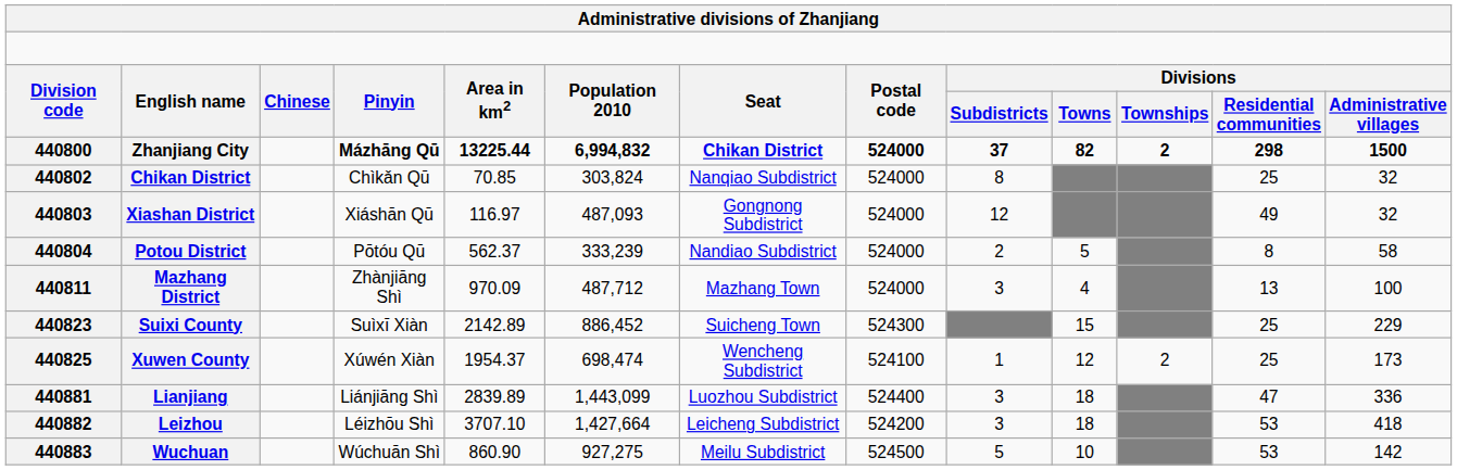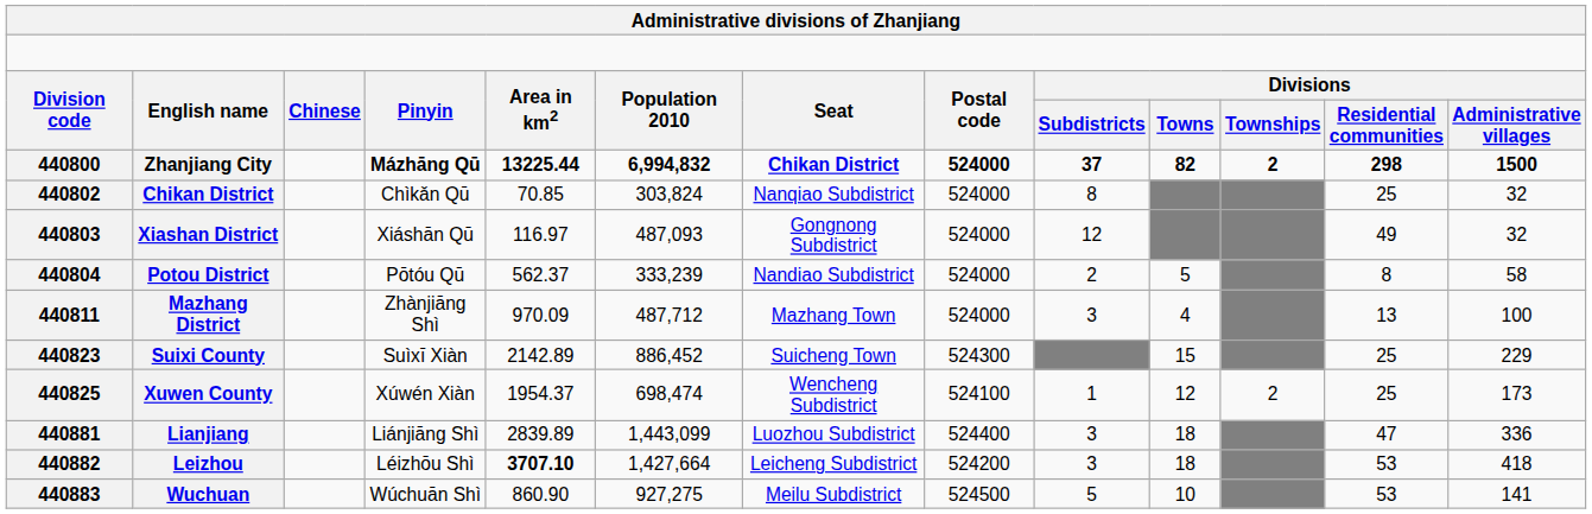 <table class="wikitable" style="margin:1em auto 1em auto; width:90%; font-size:smaller; text-align:center">
 <tr>
 <th colspan="13"><strong>Administrative divisions of Zhanjiang</strong></th>
 </tr>
 <tr>
 <td colspan="13" style="font-size:larger"><br>          </td>
 </tr>
 <tr>
 <th ! scope="col" rowspan=2><a href='#'>Division code</a></th>
 <th ! scope="col" rowspan=2>English name</th>
 <th ! scope="col" rowspan=2><a href='#'>Chinese</a></th>
 <th ! scope="col" rowspan=2><a href='#'>Pinyin</a></th>
 <th ! scope="col" rowspan=2>Area in km<sup>2</sup></th>
 <th ! scope="col" rowspan=2>Population 2010</th>
 <th ! scope="col" rowspan=2>Seat</th>
 <th ! scope="col" rowspan=2>Postal code</th>
 <th ! scope="col" colspan=6>Divisions</th>
 </tr>
 <tr>
 <th ! scope="col" width="45"><a href='#'>Subdistricts</a></th>
 <th ! scope="col" width="45"><a href='#'>Towns</a></th>
 <th ! scope="col" width="45"><a href='#'>Townships</a></th>
 <th ! scope="col" width="45"><a href='#'>Residential communities</a></th>
 <th ! scope="col" width="45"><a href='#'>Administrative villages</a></th>
 </tr>
 <tr style="font-weight: bold">
 <th>440800</th>
 <th>Zhanjiang City</th>
 <td></td>
 <td>Mázhāng Qū</td>
 <td>13225.44</td>
 <td>6,994,832</td>
 <td><a href='#'>Chikan District</a></td>
 <td>524000</td>
 <td>37</td>
 <td>82</td>
 <td>2</td>
 <td>298</td>
 <td>1500</td>
 </tr>
 <tr>
 <th>440802</th>
 <th><a href='#'>Chikan District</a></th>
 <td></td>
 <td>Chìkǎn Qū</td>
 <td>70.85</td>
 <td>303,824</td>
 <td><a href='#'>Nanqiao Subdistrict</a></td>
 <td>524000</td>
 <td>8</td>
 <td bgcolor="grey"></td>
 <td bgcolor="grey"></td>
 <td>25</td>
 <td>32</td>
 </tr>
 <tr>
 <th>440803</th>
 <th><a href='#'>Xiashan District</a></th>
 <td></td>
 <td>Xiáshān Qū</td>
 <td>116.97</td>
 <td>487,093</td>
 <td><a href='#'>Gongnong Subdistrict</a></td>
 <td>524000</td>
 <td>12</td>
 <td bgcolor="grey"></td>
 <td bgcolor="grey"></td>
 <td>49</td>
 <td>32</td>
 </tr>
 <tr>
 <th>440804</th>
 <th><a href='#'>Potou District</a></th>
 <td></td>
 <td>Pōtóu Qū</td>
 <td>562.37</td>
 <td>333,239</td>
 <td><a href='#'>Nandiao Subdistrict</a></td>
 <td>524000</td>
 <td>2</td>
 <td>5</td>
 <td bgcolor="grey"></td>
 <td>8</td>
 <td>58</td>
 </tr>
 <tr>
 <th>440811</th>
 <th><a href='#'>Mazhang District</a></th>
 <td></td>
 <td>Zhànjiāng Shì</td>
 <td>970.09</td>
 <td>487,712</td>
 <td><a href='#'>Mazhang Town</a></td>
 <td>524000</td>
 <td>3</td>
 <td>4</td>
 <td bgcolor="grey"></td>
 <td>13</td>
 <td>100</td>
 </tr>
 <tr>
 <th>440823</th>
 <th><a href='#'>Suixi County</a></th>
 <td></td>
 <td>Suìxī Xiàn</td>
 <td>2142.89</td>
 <td>886,452</td>
 <td><a href='#'>Suicheng Town</a></td>
 <td>524300</td>
 <td bgcolor="grey"></td>
 <td>15</td>
 <td bgcolor="grey"></td>
 <td>25</td>
 <td>229</td>
 </tr>
 <tr>
 <th>440825</th>
 <th><a href='#'>Xuwen County</a></th>
 <td></td>
 <td>Xúwén Xiàn</td>
 <td>1954.37</td>
 <td>698,474</td>
 <td><a href='#'>Wencheng Subdistrict</a></td>
 <td>524100</td>
 <td>1</td>
 <td>12</td>
 <td>2</td>
 <td>25</td>
 <td>173</td>
 </tr>
 <tr>
 <th>440881</th>
 <th><a href='#'>Lianjiang</a></th>
 <td></td>
 <td>Liánjiāng Shì</td>
 <td>2839.89</td>
 <td>1,443,099</td>
 <td><a href='#'>Luozhou Subdistrict</a></td>
 <td>524400</td>
 <td>3</td>
 <td>18</td>
 <td bgcolor="grey"></td>
 <td>47</td>
 <td>336</td>
 </tr>
 <tr>
 <th>440882</th>
 <th><a href='#'>Leizhou</a></th>
 <td></td>
 <td>Léizhōu Shì</td>
-<td>3707.10</td>
+<td><strong>3707.10</strong></td>
 <td>1,427,664</td>
 <td><a href='#'>Leicheng Subdistrict</a></td>
 <td>524200</td>
 <td>3</td>
 <td>18</td>
 <td bgcolor="grey"></td>
 <td>53</td>
 <td>418</td>
 </tr>
 <tr>
 <th>440883</th>
 <th><a href='#'>Wuchuan</a></th>
 <td></td>
 <td>Wúchuān Shì</td>
 <td>860.90</td>
 <td>927,275</td>
 <td><a href='#'>Meilu Subdistrict</a></td>
 <td>524500</td>
 <td>5</td>
 <td>10</td>
 <td bgcolor="grey"></td>
 <td>53</td>
-<td>142</td>
+<td>141</td>
 </tr>
 </table>
